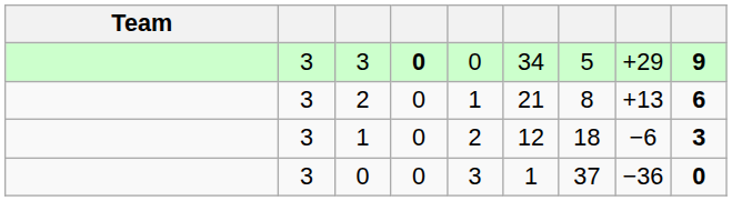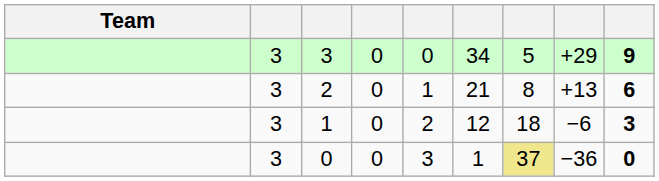 <table class="wikitable" style="text-align:center;">
 <tr>
 <th width=175>Team</th>
 <th width=30></th>
 <th width=30></th>
 <th width=30></th>
 <th width=30></th>
 <th width=30></th>
 <th width=30></th>
 <th width=30></th>
 <th width=30></th>
 </tr>
 <tr style="text-align:center; background:#cfc;">
 <td align=left></td>
 <td>3</td>
 <td>3</td>
-<td><strong>0</strong></td>
+<td>0</td>
 <td>0</td>
 <td>34</td>
 <td>5</td>
 <td>+29</td>
 <td><strong>9</strong></td>
 </tr>
 <tr>
 <td align=left></td>
 <td>3</td>
 <td>2</td>
 <td>0</td>
 <td>1</td>
 <td>21</td>
 <td>8</td>
 <td>+13</td>
 <td><strong>6</strong></td>
 </tr>
 <tr>
 <td align=left></td>
 <td>3</td>
 <td>1</td>
 <td>0</td>
 <td>2</td>
 <td>12</td>
 <td>18</td>
 <td>−6</td>
 <td><strong>3</strong></td>
 </tr>
 <tr>
 <td align=left></td>
 <td>3</td>
 <td>0</td>
 <td>0</td>
 <td>3</td>
 <td>1</td>
-<td>37</td>
+<td style="background: khaki;">37</td>
 <td>−36</td>
 <td><strong>0</strong></td>
 </tr>
 </table>
